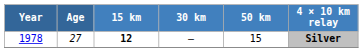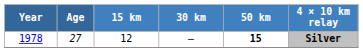 <table class="wikitable" style="font-size:95%; text-align:center; border:grey solid 1px; border-collapse:collapse; background:#ffffff;">
 <tr>
 <th style="background-color:#369; color:white; width:60px;"> Year </th>
 <th style="background-color:#369; color:white; width:40px;"> Age </th>
 <th style="background-color:#4180be; color:white; width:75px;"> 15 km </th>
 <th style="background-color:#4180be; color:white; width:75px;"> 30 km </th>
 <th style="background-color:#4180be; color:white; width:75px;"> 50 km </th>
 <th style="background-color:#4180be; color:white; width:75px;"> 4 × 10 km <br> relay </th>
 </tr>
 <tr>
 <td><a href='#'>1978</a></td>
 <td><em>27</em></td>
-<td><strong>12</strong></td>
+<td>12</td>
 <td>—</td>
-<td>15</td>
+<td><strong>15</strong></td>
 <td style="background:silver;"><strong>Silver</strong></td>
 </tr>
 <tr>
 </tr>
 </table>
